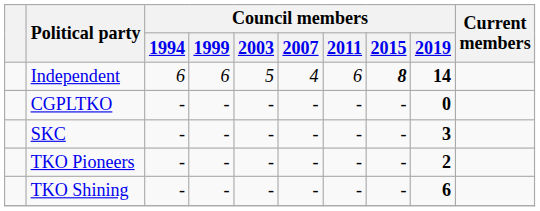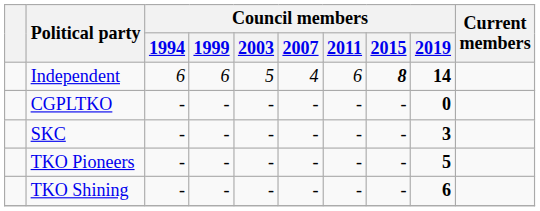 <table class="wikitable">
 <tr>
 <th rowspan="2">   </th>
 <th rowspan="2">Political party</th>
 <th colspan="7">Council members</th>
 <th colspan="23" rowspan="2">Current<br>members</th>
 </tr>
 <tr>
 <th><a href='#'>1994</a></th>
 <th><a href='#'>1999</a></th>
 <th><a href='#'>2003</a></th>
 <th><a href='#'>2007</a></th>
 <th><a href='#'>2011</a></th>
 <th><a href='#'>2015</a></th>
 <th><a href='#'>2019</a></th>
 </tr>
 <tr>
 <td bgcolor=> </td>
 <td><a href='#'>Independent</a></td>
 <td style="text-align: right"><em>6</em></td>
 <td style="text-align: right"><em>6</em></td>
 <td style="text-align: right"><em>5</em></td>
 <td style="text-align: right"><em>4</em></td>
 <td style="text-align: right"><em>6</em></td>
 <td style="text-align: right"><strong><em>8</em></strong></td>
 <td style="text-align: right"><strong>14</strong></td>
 <td></td>
 </tr>
 <tr>
 <td style="background-color:"> </td>
 <td><a href='#'>CGPLTKO</a></td>
 <td style="text-align: right"><em>-</em></td>
 <td style="text-align: right"><em>-</em></td>
 <td style="text-align: right"><em>-</em></td>
 <td style="text-align: right"><em>-</em></td>
 <td style="text-align: right"><em>-</em></td>
 <td style="text-align: right"><em>-</em></td>
 <td style="text-align: right"><strong>0</strong></td>
 <td></td>
 </tr>
 <tr>
 <td style="background-color:"> </td>
 <td><a href='#'>SKC</a></td>
 <td style="text-align: right"><em>-</em></td>
 <td style="text-align: right"><em>-</em></td>
 <td style="text-align: right"><em>-</em></td>
 <td style="text-align: right"><em>-</em></td>
 <td style="text-align: right"><em>-</em></td>
 <td style="text-align: right"><em>-</em></td>
 <td style="text-align: right"><strong>3</strong></td>
 <td></td>
 </tr>
 <tr>
 <td style="background-color:"> </td>
 <td><a href='#'>TKO Pioneers</a></td>
 <td style="text-align: right"><em>-</em></td>
 <td style="text-align: right"><em>-</em></td>
 <td style="text-align: right"><em>-</em></td>
 <td style="text-align: right"><em>-</em></td>
 <td style="text-align: right"><em>-</em></td>
 <td style="text-align: right"><em>-</em></td>
-<td style="text-align: right"><strong>2</strong></td>
+<td style="text-align: right"><strong>5</strong></td>
 <td></td>
 </tr>
 <tr>
 <td style="background-color:"> </td>
 <td><a href='#'>TKO Shining</a></td>
 <td style="text-align: right"><em>-</em></td>
 <td style="text-align: right"><em>-</em></td>
 <td style="text-align: right"><em>-</em></td>
 <td style="text-align: right"><em>-</em></td>
 <td style="text-align: right"><em>-</em></td>
 <td style="text-align: right"><em>-</em></td>
 <td style="text-align: right"><strong>6</strong></td>
 <td></td>
 </tr>
 <tr>
 </tr>
 </table>
